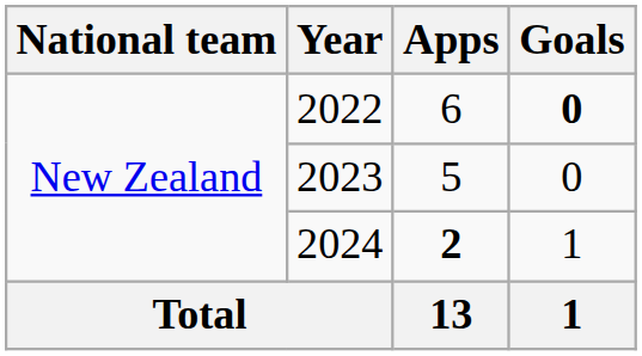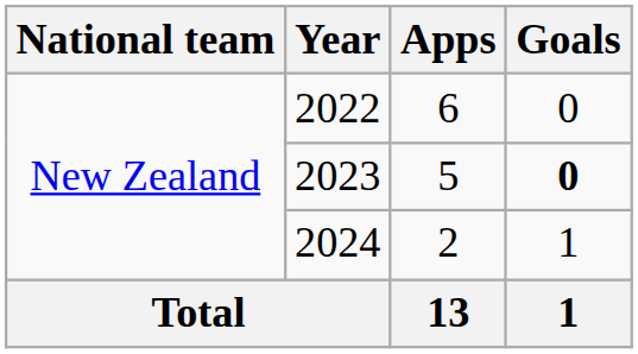 <table class=wikitable style=text-align:center>
 <tr>
 <th>National team</th>
 <th>Year</th>
 <th>Apps</th>
 <th>Goals</th>
 </tr>
 <tr>
 <td rowspan=3><a href='#'>New Zealand</a></td>
 <td>2022</td>
 <td>6</td>
-<td><strong>0</strong></td>
+<td>0</td>
 </tr>
 <tr>
 <td>2023</td>
 <td>5</td>
-<td>0</td>
+<td><strong>0</strong></td>
 </tr>
 <tr>
 <td>2024</td>
-<td><strong>2</strong></td>
+<td>2</td>
 <td>1</td>
 </tr>
 <tr>
 <th colspan=2>Total</th>
 <th>13</th>
 <th>1</th>
 </tr>
 </table>
